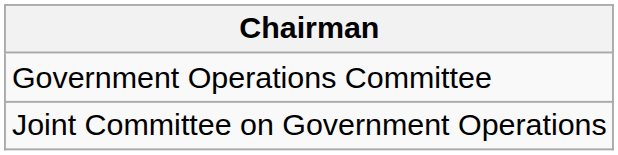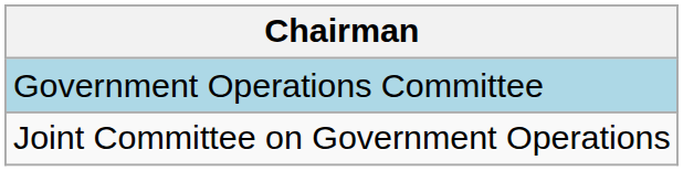 <table class="wikitable">
 <tr>
 <th>Chairman</th>
 </tr>
 <tr>
-<td>Government Operations Committee</td>
+<td style="background: lightblue;">Government Operations Committee</td>
 </tr>
 <tr>
 <td>Joint Committee on Government Operations</td>
 </tr>
 </table>
